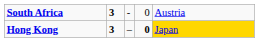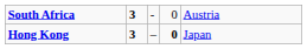 <table class="wikitable">
 <tr>
 <td width=150> <strong><a href='#'>South Africa</a></strong></td>
 <td style="width:20px; text-align:left;"><strong>3</strong></td>
 <td>-</td>
 <td style="width:20px; text-align:right;">0</td>
 <td width=150> <a href='#'>Austria</a></td>
 </tr>
 <tr>
 <td> <strong><a href='#'>Hong Kong</a></strong></td>
 <td style="text-align:left;"><strong>3</strong></td>
 <td>–</td>
 <td style="text-align:right;"><strong>0</strong></td>
-<td style="background: gold;"> <a href='#'>Japan</a></td>
+<td> <a href='#'>Japan</a></td>
 </tr>
 </table>
